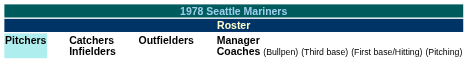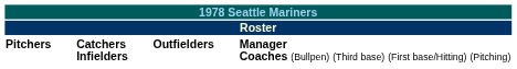 <table class="toccolours" style="font-size: 95%;">
 <tr>
 <th colspan="10" style="background-color: #005c5c; color: #9ECEEE; text-align: center;">1978 Seattle Mariners</th>
 </tr>
 <tr>
 <td colspan="10" style="background-color: #003366; color: #FFFDD0; text-align: center;"><strong>Roster</strong></td>
 </tr>
 <tr>
-<td valign="top" style="background: paleturquoise;"><strong>Pitchers</strong><br>              </td>
+<td valign="top"><strong>Pitchers</strong><br>              </td>
 <td width="25px"></td>
 <td valign="top"><strong>Catchers</strong><br>   <strong>Infielders</strong>         </td>
 <td width="25px"></td>
 <td valign="top"><strong>Outfielders</strong><br>      </td>
 <td width="25px"></td>
 <td valign="top"><strong>Manager</strong><br> <strong>Coaches</strong>  <small>(Bullpen)</small>  <small>(Third base)</small>  <small>(First base/Hitting)</small>  <small>(Pitching)</small></td>
 </tr>
 </table>
